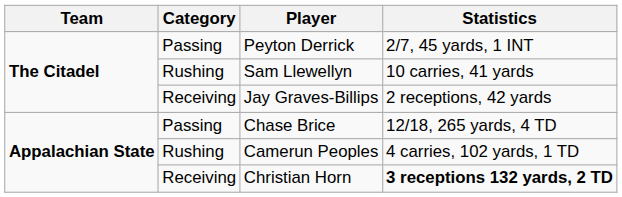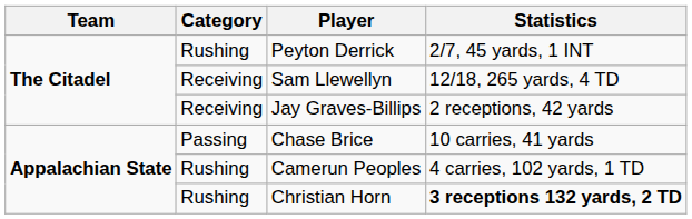 <table class="wikitable" style="float: right;">
 <tr>
 <th>Team</th>
 <th>Category</th>
 <th>Player</th>
 <th>Statistics</th>
 </tr>
 <tr>
 <td rowspan=3><strong>The Citadel</strong></td>
-<td>Passing</td>
+<td>Rushing</td>
 <td>Peyton Derrick</td>
 <td>2/7, 45 yards, 1 INT</td>
 </tr>
 <tr>
-<td>Rushing</td>
+<td>Receiving</td>
 <td>Sam Llewellyn</td>
-<td>10 carries, 41 yards</td>
+<td>12/18, 265 yards, 4 TD</td>
 </tr>
 <tr>
 <td>Receiving</td>
 <td>Jay Graves-Billips</td>
 <td>2 receptions, 42 yards</td>
 </tr>
 <tr>
 <td rowspan=3><strong>Appalachian State</strong></td>
 <td>Passing</td>
 <td>Chase Brice</td>
-<td>12/18, 265 yards, 4 TD</td>
+<td>10 carries, 41 yards</td>
 </tr>
 <tr>
 <td>Rushing</td>
 <td>Camerun Peoples</td>
 <td>4 carries, 102 yards, 1 TD</td>
 </tr>
 <tr>
-<td>Receiving</td>
+<td>Rushing</td>
 <td>Christian Horn</td>
 <td><strong>3 receptions 132 yards, 2 TD</strong></td>
 </tr>
 </table>
